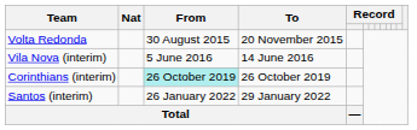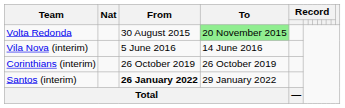 <table class="wikitable" style="text-align: center">
 <tr>
 <th rowspan="2">Team</th>
 <th rowspan="2">Nat</th>
 <th rowspan="2">From</th>
 <th rowspan="2">To</th>
 <th colspan="8">Record</th>
 <th rowspan=2></th>
 </tr>
 <tr>
 <th></th>
 <th></th>
 <th></th>
 <th></th>
 <th></th>
 <th></th>
 <th></th>
 <th></th>
 </tr>
 <tr>
 <td align=left><a href='#'>Volta Redonda</a></td>
 <td></td>
 <td align=left>30 August 2015</td>
-<td align=left>20 November 2015<br></td>
+<td align=left style="background: lightgreen;">20 November 2015<br></td>
 <td></td>
 </tr>
 <tr>
 <td align=left><a href='#'>Vila Nova</a> (interim)</td>
 <td></td>
 <td align=left>5 June 2016</td>
 <td align=left>14 June 2016<br></td>
 <td></td>
 </tr>
 <tr>
 <td align=left><a href='#'>Corinthians</a> (interim)</td>
 <td></td>
-<td align=left style="background: paleturquoise;">26 October 2019</td>
+<td align=left>26 October 2019</td>
 <td align=left>26 October 2019<br></td>
 <td></td>
 </tr>
 <tr>
 <td align=left><a href='#'>Santos</a> (interim)</td>
 <td></td>
-<td align=left>26 January 2022</td>
+<td align=left><strong>26 January 2022</strong></td>
 <td align=left>29 January 2022<br></td>
 <td></td>
 </tr>
 <tr>
 <th colspan="4">Total<br></th>
 <th>—</th>
 </tr>
 </table>
